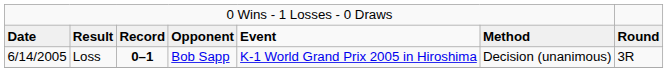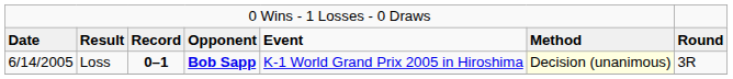 <table class="wikitable" style="text-align: ">
 <tr>
 <td colspan=6 align="center">0 Wins - 1 Losses - 0 Draws</td>
 </tr>
 <tr>
 <td style="background: #f0f0f0"><strong>Date</strong></td>
 <td style="background: #f0f0f0"><strong>Result</strong></td>
 <td style="background: #f0f0f0"><strong>Record</strong></td>
 <td style="background: #f0f0f0"><strong>Opponent</strong></td>
 <td><strong>Event</strong></td>
 <td style="background: #f0f0f0"><strong>Method</strong></td>
 <td style="background: #f0f0f0"><strong>Round</strong></td>
 </tr>
 <tr>
 <td>6/14/2005</td>
 <td>Loss</td>
 <td align="center"><strong>0–1</strong></td>
-<td> <a href='#'>Bob Sapp</a></td>
+<td><strong> <a href='#'>Bob Sapp</a></strong></td>
 <td><a href='#'>K-1 World Grand Prix 2005 in Hiroshima</a></td>
-<td>Decision (unanimous)</td>
+<td style="background: lightyellow;">Decision (unanimous)</td>
 <td>3R</td>
 </tr>
 <tr>
 </tr>
 </table>
